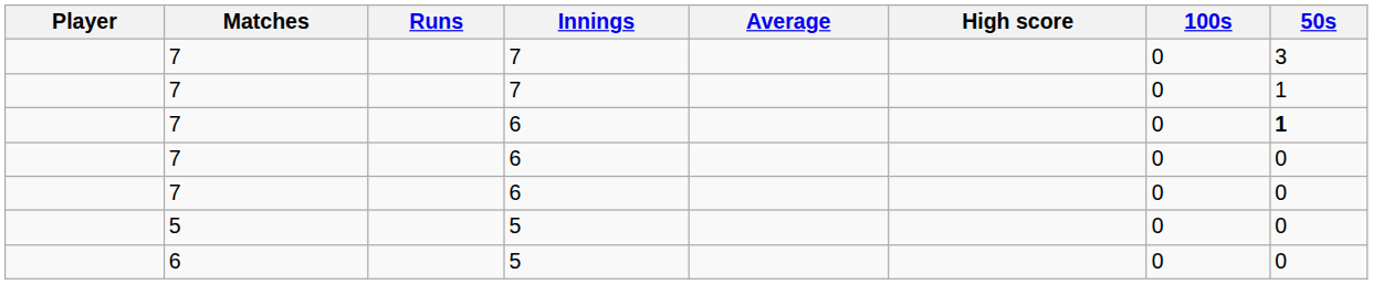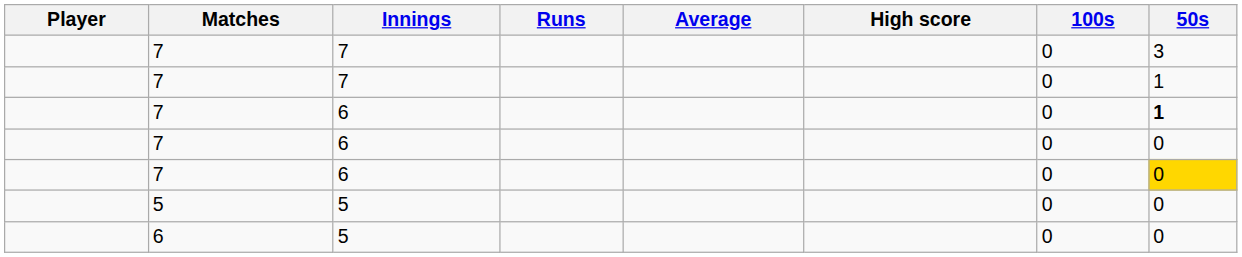 <table class="wikitable sortable" style="width:80%;">
 <tr>
 <th>Player</th>
 <th>Matches</th>
+<th><a href='#'>Innings</a></th>
 <th><a href='#'>Runs</a></th>
-<th><a href='#'>Innings</a></th>
 <th><a href='#'>Average</a></th>
 <th>High score</th>
 <th><a href='#'>100s</a></th>
 <th><a href='#'>50s</a></th>
 </tr>
 <tr>
 <td></td>
 <td>7</td>
+<td>7</td>
 <td></td>
-<td>7</td>
 <td></td>
 <td></td>
 <td>0</td>
 <td>3</td>
 </tr>
 <tr>
 <td></td>
 <td>7</td>
+<td>7</td>
 <td></td>
-<td>7</td>
 <td></td>
 <td></td>
 <td>0</td>
 <td>1</td>
 </tr>
 <tr>
 <td></td>
 <td>7</td>
+<td>6</td>
 <td></td>
-<td>6</td>
 <td></td>
 <td></td>
 <td>0</td>
 <td><strong>1</strong></td>
 </tr>
 <tr>
 <td></td>
 <td>7</td>
+<td>6</td>
 <td></td>
-<td>6</td>
 <td></td>
 <td></td>
 <td>0</td>
 <td>0</td>
 </tr>
 <tr>
 <td></td>
 <td>7</td>
-<td></td>
 <td>6</td>
 <td></td>
 <td></td>
+<td></td>
 <td>0</td>
-<td>0</td>
+<td style="background: gold;">0</td>
 </tr>
 <tr>
 <td></td>
 <td>5</td>
+<td>5</td>
 <td></td>
-<td>5</td>
 <td></td>
 <td></td>
 <td>0</td>
 <td>0</td>
 </tr>
 <tr>
 <td></td>
 <td>6</td>
+<td>5</td>
 <td></td>
-<td>5</td>
 <td></td>
 <td></td>
 <td>0</td>
 <td>0</td>
 </tr>
 </table>
